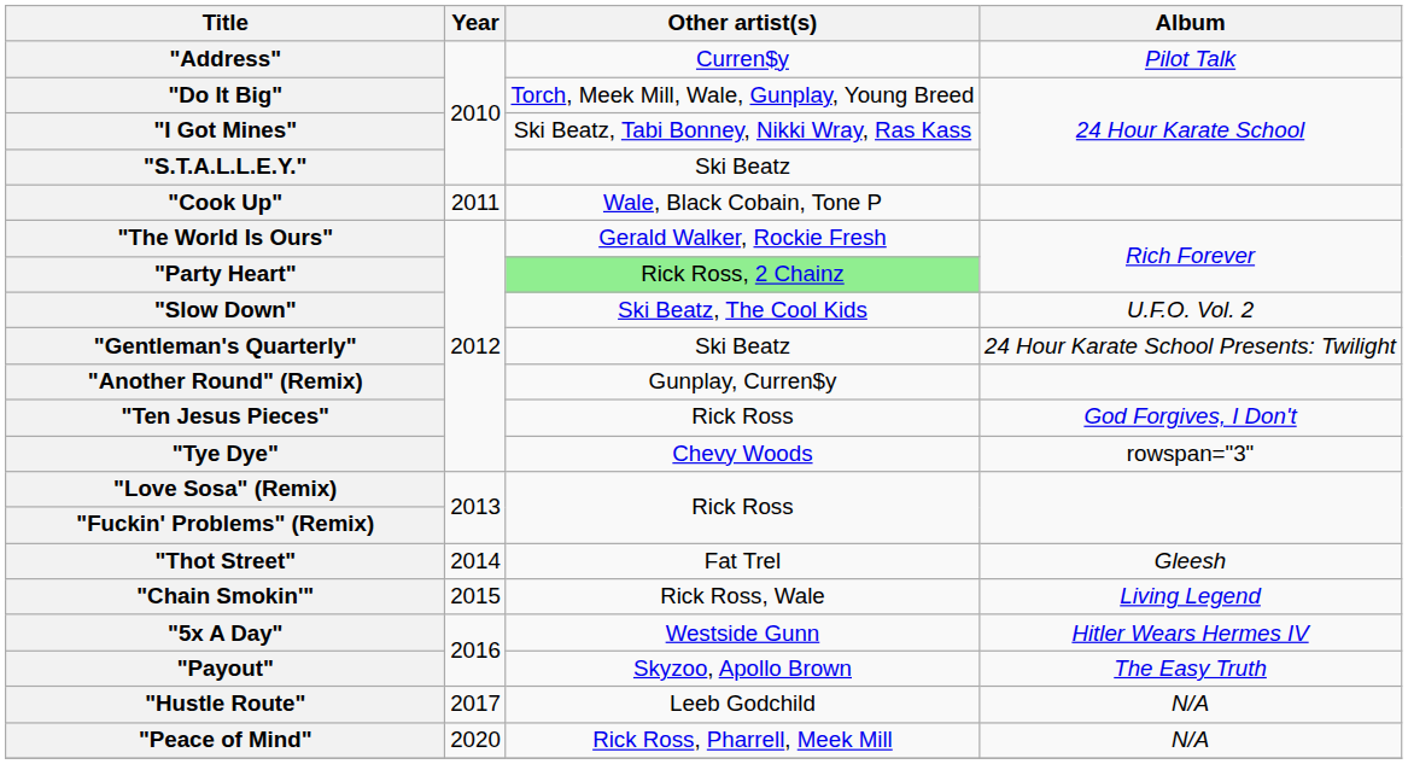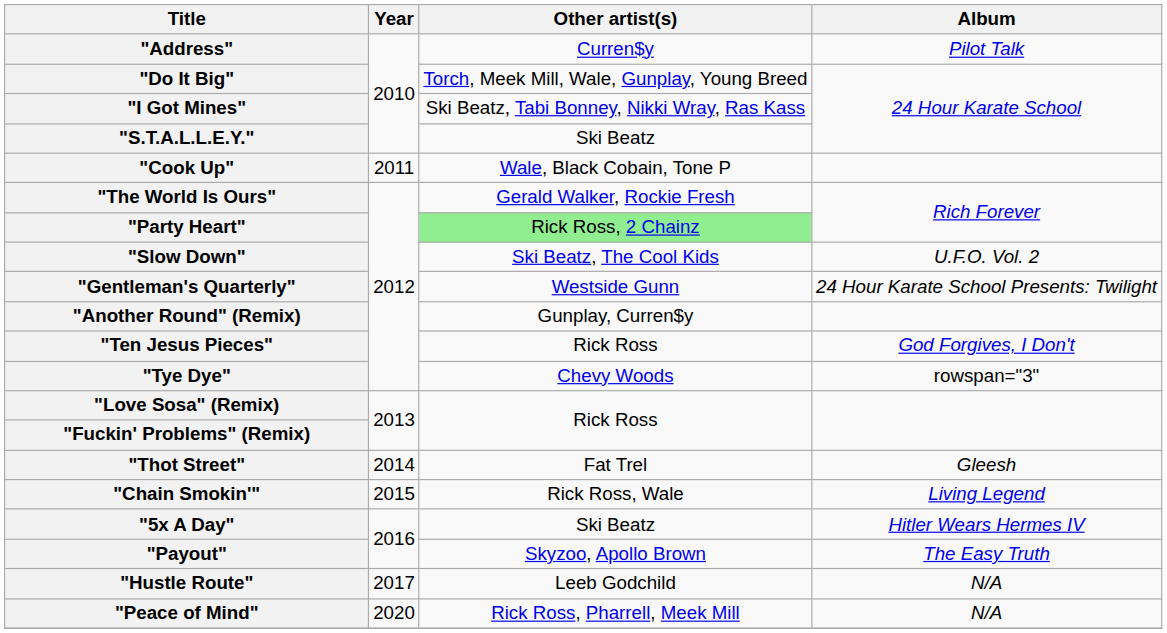 <table class="wikitable plainrowheaders" style="text-align:center;">
 <tr>
 <th scope="col" style="width:19em;">Title</th>
 <th scope="col">Year</th>
 <th scope="col">Other artist(s)</th>
 <th scope="col">Album</th>
 </tr>
 <tr>
 <th scope="row">"Address"</th>
 <td rowspan="4">2010</td>
 <td><a href='#'>Curren$y</a></td>
 <td><em><a href='#'>Pilot Talk</a></em></td>
 </tr>
 <tr>
 <th scope="row">"Do It Big"</th>
 <td><a href='#'>Torch</a>, Meek Mill, Wale, <a href='#'>Gunplay</a>, Young Breed</td>
 <td rowspan="3"><em><a href='#'>24 Hour Karate School</a></em></td>
 </tr>
 <tr>
 <th scope="row">"I Got Mines"</th>
 <td>Ski Beatz, <a href='#'>Tabi Bonney</a>, <a href='#'>Nikki Wray</a>, <a href='#'>Ras Kass</a></td>
 </tr>
 <tr>
 <th scope="row">"S.T.A.L.L.E.Y."</th>
 <td>Ski Beatz</td>
 </tr>
 <tr>
 <th scope="row">"Cook Up"</th>
 <td>2011</td>
 <td><a href='#'>Wale</a>, Black Cobain, Tone P</td>
 <td></td>
 </tr>
 <tr>
 <th scope="row">"The World Is Ours"</th>
 <td rowspan="7">2012</td>
 <td><a href='#'>Gerald Walker</a>, <a href='#'>Rockie Fresh</a></td>
 <td rowspan="2"><em><a href='#'>Rich Forever</a></em></td>
 </tr>
 <tr>
 <th scope="row">"Party Heart"</th>
 <td style="background: lightgreen;">Rick Ross, <a href='#'>2 Chainz</a></td>
 </tr>
 <tr>
 <th scope="row">"Slow Down"</th>
 <td><a href='#'>Ski Beatz</a>, <a href='#'>The Cool Kids</a></td>
 <td><em>U.F.O. Vol. 2</em></td>
 </tr>
 <tr>
 <th scope="row">"Gentleman's Quarterly"</th>
-<td>Ski Beatz</td>
+<td><a href='#'>Westside Gunn</a></td>
 <td><em>24 Hour Karate School Presents: Twilight</em></td>
 </tr>
 <tr>
 <th scope="row">"Another Round" (Remix)</th>
 <td>Gunplay, Curren$y</td>
 <td></td>
 </tr>
 <tr>
 <th scope="row">"Ten Jesus Pieces"</th>
 <td>Rick Ross</td>
 <td><em><a href='#'>God Forgives, I Don't</a></em></td>
 </tr>
 <tr>
 <th scope="row">"Tye Dye"</th>
 <td><a href='#'>Chevy Woods</a></td>
 <td>rowspan="3" </td>
 </tr>
 <tr>
 <th scope="row">"Love Sosa" (Remix)</th>
 <td rowspan="2">2013</td>
 <td rowspan="2">Rick Ross</td>
 </tr>
 <tr>
 <th scope="row">"Fuckin' Problems" (Remix)</th>
 </tr>
 <tr>
 <th scope="row">"Thot Street"</th>
 <td rowspan="1">2014</td>
 <td>Fat Trel</td>
 <td><em>Gleesh</em></td>
 </tr>
 <tr>
 <th scope="row">"Chain Smokin'"</th>
 <td rowspan="1">2015</td>
 <td>Rick Ross, Wale</td>
 <td><em><a href='#'>Living Legend</a></em></td>
 </tr>
 <tr>
 <th scope="row">"5x A Day"</th>
 <td rowspan="2">2016</td>
-<td><a href='#'>Westside Gunn</a></td>
+<td>Ski Beatz</td>
 <td><em><a href='#'>Hitler Wears Hermes IV</a></em></td>
 </tr>
 <tr>
 <th scope="row">"Payout"</th>
 <td><a href='#'>Skyzoo</a>, <a href='#'>Apollo Brown</a></td>
 <td><em><a href='#'>The Easy Truth</a></em></td>
 </tr>
 <tr>
 <th scope="row">"Hustle Route"</th>
 <td rowspan="1">2017</td>
 <td>Leeb Godchild</td>
 <td><em>N/A</em></td>
 </tr>
 <tr>
 <th scope="row">"Peace of Mind"</th>
 <td rowspan="1">2020</td>
 <td><a href='#'>Rick Ross</a>, <a href='#'>Pharrell</a>, <a href='#'>Meek Mill</a></td>
 <td><em>N/A</em></td>
 </tr>
 <tr>
 </tr>
 </table>
